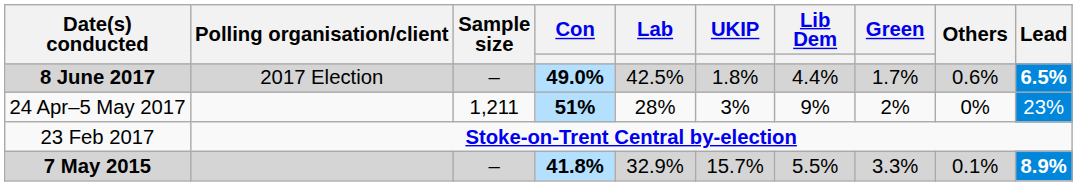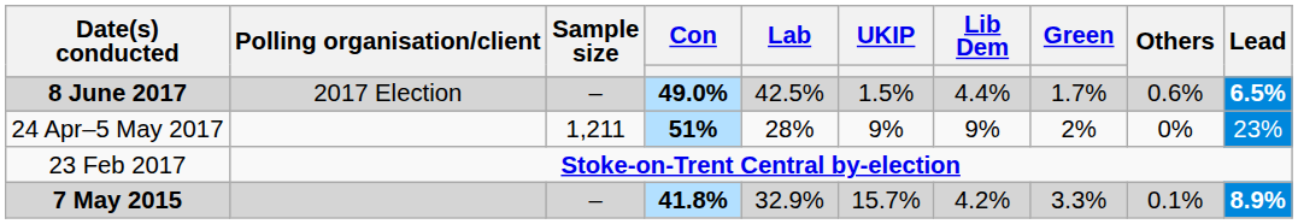 <table class="wikitable sortable mw-datatable" style="text-align:center;font-size:90%;line-height:14px;">
 <tr>
 <th rowspan="2">Date(s)<br>conducted</th>
 <th rowspan="2">Polling organisation/client</th>
 <th rowspan="2">Sample<br>size</th>
 <th style="width:50px;" class="unsortable"><a href='#'>Con</a></th>
 <th style="width:50px;" class="unsortable"><a href='#'>Lab</a></th>
 <th style="width:50px;" class="unsortable"><a href='#'>UKIP</a></th>
 <th style="width:50px;" class="unsortable"><a href='#'>Lib Dem</a></th>
 <th style="width:50px;" class="unsortable"><a href='#'>Green</a></th>
 <th style="width:50px;" rowspan="2" class="unsortable">Others</th>
 <th class="unsortable" style="width:20px;" rowspan="2">Lead</th>
 </tr>
 <tr>
 <th class="unsortable" style="color:inherit;background:"></th>
 <th class="unsortable" style="color:inherit;background:"></th>
 <th class="unsortable" style="color:inherit;background:"></th>
 <th class="unsortable" style="color:inherit;background:"></th>
 <th class="unsortable" style="color:inherit;background:"></th>
 </tr>
 <tr>
 <td style="background:#D5D5D5"><strong>8 June 2017</strong></td>
 <td style="background:#D5D5D5">2017 Election</td>
 <td style="background:#D5D5D5">–</td>
 <td style="background:#B3E0FF"><strong>49.0%</strong></td>
 <td style="background:#D5D5D5">42.5%</td>
-<td style="background:#D5D5D5">1.8%</td>
+<td style="background:#D5D5D5">1.5%</td>
 <td style="background:#D5D5D5">4.4%</td>
 <td style="background:#D5D5D5">1.7%</td>
 <td style="background:#D5D5D5">0.6%</td>
 <td style="background:#0087DC; color:white;"><strong>6.5%</strong></td>
 </tr>
 <tr>
 <td>24 Apr–5 May 2017</td>
 <td></td>
 <td>1,211</td>
 <td style="background:#B3E0FF"><strong>51%</strong></td>
 <td>28%</td>
-<td>3%</td>
+<td>9%</td>
 <td>9%</td>
 <td>2%</td>
 <td>0%</td>
 <td style="background:#0087DC; color:white;">23%</td>
 </tr>
 <tr>
 <td>23 Feb 2017</td>
 <td colspan="10"><strong><a href='#'>Stoke-on-Trent Central by-election</a></strong></td>
 </tr>
 <tr>
 <td style="background:#D5D5D5"><strong>7 May 2015</strong></td>
 <td style="background:#D5D5D5"></td>
 <td style="background:#D5D5D5">–</td>
 <td style="background:#B3E0FF"><strong>41.8%</strong></td>
 <td style="background:#D5D5D5">32.9%</td>
 <td style="background:#D5D5D5">15.7%</td>
-<td style="background:#D5D5D5">5.5%</td>
+<td style="background:#D5D5D5">4.2%</td>
 <td style="background:#D5D5D5">3.3%</td>
 <td style="background:#D5D5D5">0.1%</td>
 <td style="background:#0087DC; color:white;"><strong>8.9%</strong></td>
 </tr>
 </table>
